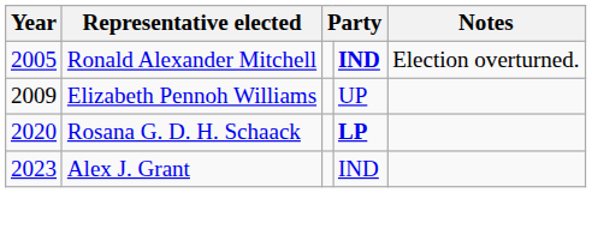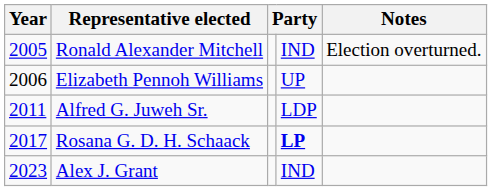 <table class="wikitable">
 <tr>
 <th>Year</th>
 <th>Representative elected</th>
 <th colspan=2>Party</th>
 <th>Notes</th>
 </tr>
 <tr>
 <td><a href='#'>2005</a></td>
 <td><a href='#'>Ronald Alexander Mitchell</a></td>
 <td></td>
-<td><strong><a href='#'>IND</a></strong></td>
+<td><a href='#'>IND</a></td>
 <td>Election overturned.</td>
 </tr>
 <tr>
-<td>2009</td>
+<td>2006</td>
 <td><a href='#'>Elizabeth Pennoh Williams</a></td>
 <td></td>
 <td><a href='#'>UP</a></td>
 <td></td>
 </tr>
 <tr>
-<td><a href='#'>2020</a></td>
+<td><a href='#'>2011</a></td>
+<td><a href='#'>Alfred G. Juweh Sr.</a></td>
+<td></td>
+<td><a href='#'>LDP</a></td>
+<td></td>
+</tr>
+<tr>
+<td><a href='#'>2017</a></td>
 <td><a href='#'>Rosana G. D. H. Schaack</a></td>
 <td></td>
 <td><strong><a href='#'>LP</a></strong></td>
 <td></td>
 </tr>
 <tr>
 <td><a href='#'>2023</a></td>
 <td><a href='#'>Alex J. Grant</a></td>
 <td></td>
 <td><a href='#'>IND</a></td>
 <td></td>
 </tr>
 </table>
